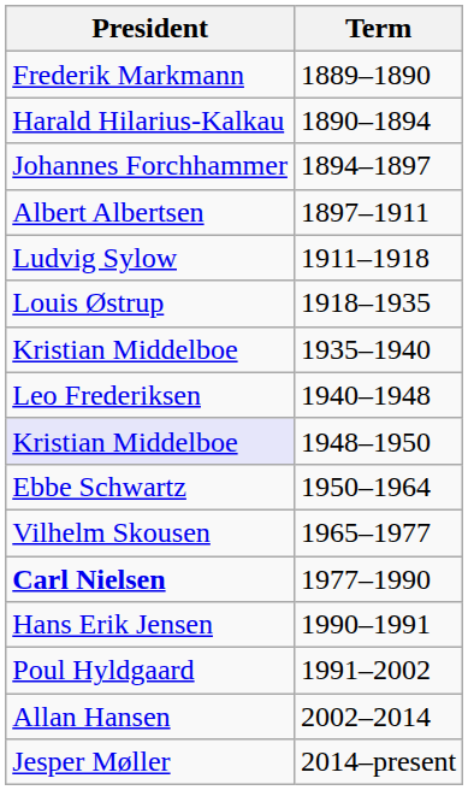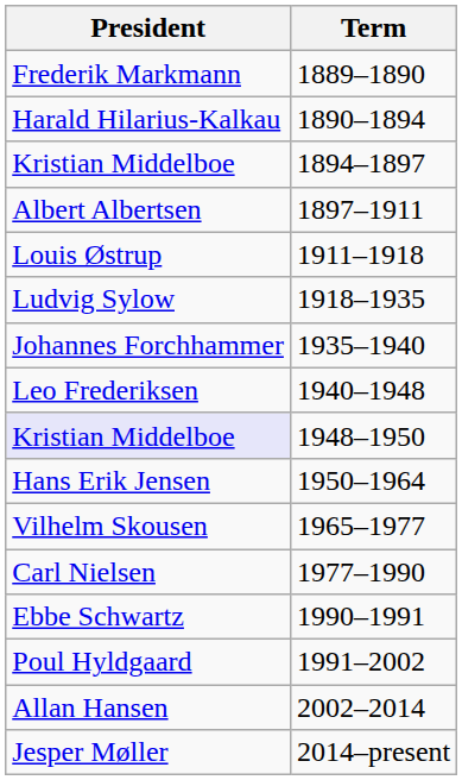 <table class="wikitable">
 <tr>
 <th>President</th>
 <th>Term</th>
 </tr>
 <tr>
 <td><a href='#'>Frederik Markmann</a></td>
 <td>1889–1890</td>
 </tr>
 <tr>
 <td><a href='#'>Harald Hilarius-Kalkau</a></td>
 <td>1890–1894</td>
 </tr>
 <tr>
-<td><a href='#'>Johannes Forchhammer</a></td>
+<td><a href='#'>Kristian Middelboe</a></td>
 <td>1894–1897</td>
 </tr>
 <tr>
 <td><a href='#'>Albert Albertsen</a></td>
 <td>1897–1911</td>
 </tr>
 <tr>
-<td><a href='#'>Ludvig Sylow</a></td>
+<td><a href='#'>Louis Østrup</a></td>
 <td>1911–1918</td>
 </tr>
 <tr>
-<td><a href='#'>Louis Østrup</a></td>
+<td><a href='#'>Ludvig Sylow</a></td>
 <td>1918–1935</td>
 </tr>
 <tr>
-<td><a href='#'>Kristian Middelboe</a></td>
+<td><a href='#'>Johannes Forchhammer</a></td>
 <td>1935–1940</td>
 </tr>
 <tr>
 <td><a href='#'>Leo Frederiksen</a></td>
 <td>1940–1948</td>
 </tr>
 <tr>
 <td style="background: lavender;"><a href='#'>Kristian Middelboe</a></td>
 <td>1948–1950</td>
 </tr>
 <tr>
-<td><a href='#'>Ebbe Schwartz</a></td>
+<td><a href='#'>Hans Erik Jensen</a></td>
 <td>1950–1964</td>
 </tr>
 <tr>
 <td><a href='#'>Vilhelm Skousen</a></td>
 <td>1965–1977</td>
 </tr>
 <tr>
-<td><strong><a href='#'>Carl Nielsen</a></strong></td>
+<td><a href='#'>Carl Nielsen</a></td>
 <td>1977–1990</td>
 </tr>
 <tr>
-<td><a href='#'>Hans Erik Jensen</a></td>
+<td><a href='#'>Ebbe Schwartz</a></td>
 <td>1990–1991</td>
 </tr>
 <tr>
 <td><a href='#'>Poul Hyldgaard</a></td>
 <td>1991–2002</td>
 </tr>
 <tr>
 <td><a href='#'>Allan Hansen</a></td>
 <td>2002–2014</td>
 </tr>
 <tr>
 <td><a href='#'>Jesper Møller</a></td>
 <td>2014–present</td>
 </tr>
 </table>
